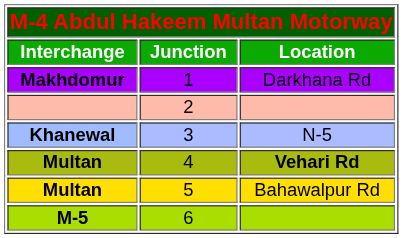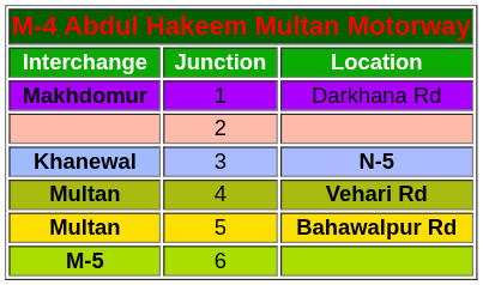 <table border=1 cellpadding=1style="margin-left:1em;margin-bottom:1em; color:white; border-collaps: collaps;font-size: 95%;">
 <tr align="center" style="background:#006000;color: red;font-size:120%;">
 <td colspan="3"><strong>M-4 Abdul Hakeem Multan Motorway</strong></td>
 </tr>
 <tr align="center" style="background:#0aaa00; color:white;">
 <td><strong>Interchange</strong></td>
 <td><strong>Junction</strong></td>
 <td><strong>Location</strong></td>
 </tr>
 <tr align="center">
 <td bgcolor="#aa00ff"><strong>Makhdomur</strong></td>
 <td bgcolor="#aa00ff">1</td>
 <td bgcolor="#aa00ff">Darkhana Rd</td>
 </tr>
 <tr align="center">
 <td bgcolor="#ffbbaa"></td>
 <td bgcolor="#ffbbaa">2</td>
 <td bgcolor="#ffbbaa"></td>
 </tr>
 <tr align="center">
 <td bgcolor="#asbbff"><strong>Khanewal</strong></td>
 <td bgcolor="#aabbff">3</td>
-<td bgcolor="#aabbff">N-5</td>
+<td bgcolor="#aabbff"><strong>N-5</strong></td>
 </tr>
 <tr align="center">
 <td bgcolor="#aabbgf"><strong>Multan</strong></td>
 <td bgcolor="#aabbgf">4</td>
 <td bgcolor="#aabbgf"><strong>Vehari Rd</strong></td>
 </tr>
 <tr align="center">
 <td bgcolor="#ffdf00"><strong>Multan</strong></td>
 <td bgcolor="#ffdf00">5</td>
-<td bgcolor="#ffdf00">Bahawalpur Rd</td>
+<td bgcolor="#ffdf00"><strong>Bahawalpur Rd</strong></td>
 </tr>
 <tr align="center">
 <td bgcolor="#aadd00"><strong>M-5</strong></td>
 <td bgcolor="#aadd00">6</td>
 <td bgcolor="#aadd00"></td>
 </tr>
 </table>
